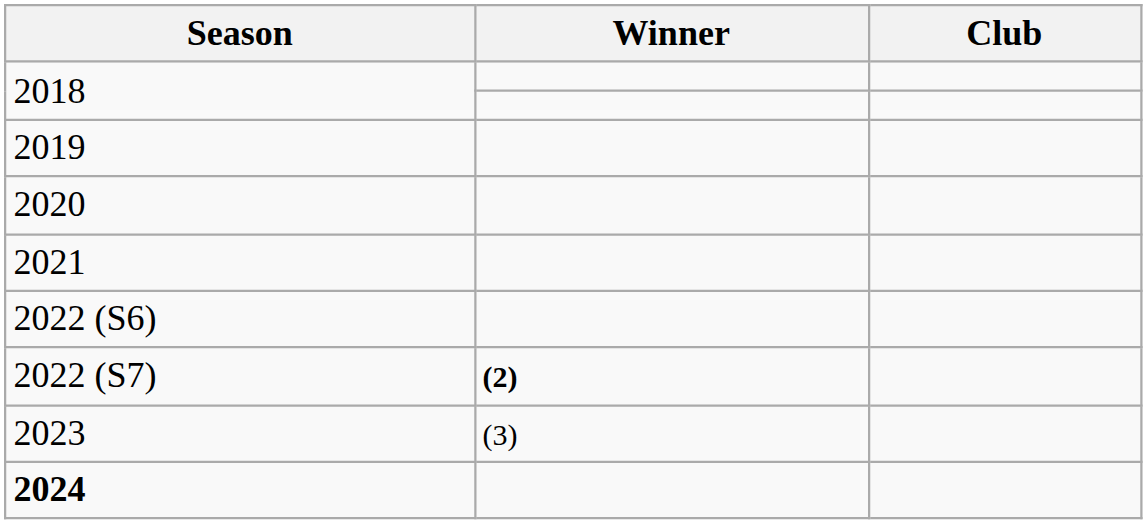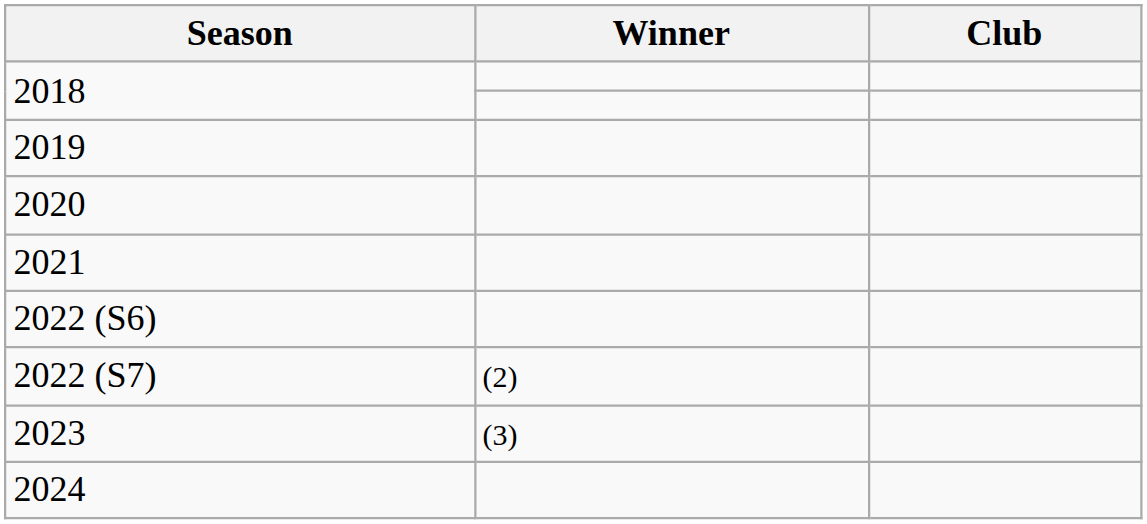 <table class="wikitable sortable" width="40%">
 <tr bgcolor="#efefef">
 <th>Season</th>
 <th>Winner</th>
 <th>Club</th>
 </tr>
 <tr>
 <td rowspan=2>2018</td>
 <td></td>
 <td></td>
 </tr>
 <tr>
 <td></td>
 <td></td>
 </tr>
 <tr>
 <td>2019</td>
 <td></td>
 <td></td>
 </tr>
 <tr>
 <td>2020</td>
 <td></td>
 <td></td>
 </tr>
 <tr>
 <td>2021</td>
 <td></td>
 <td></td>
 </tr>
 <tr>
 <td>2022 (S6)</td>
 <td></td>
 <td></td>
 </tr>
 <tr>
 <td>2022 (S7)</td>
-<td><strong> <small>(2)</small></strong></td>
+<td> <small>(2)</small></td>
 <td></td>
 </tr>
 <tr>
 <td>2023</td>
 <td> <small>(3)</small></td>
 <td></td>
 </tr>
 <tr>
-<td><strong>2024</strong></td>
+<td>2024</td>
 <td></td>
 <td></td>
 </tr>
 </table>
